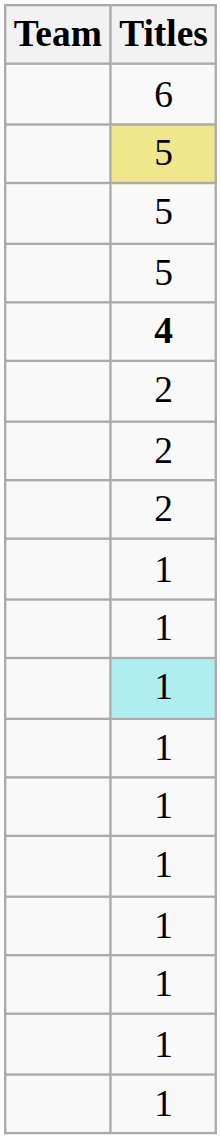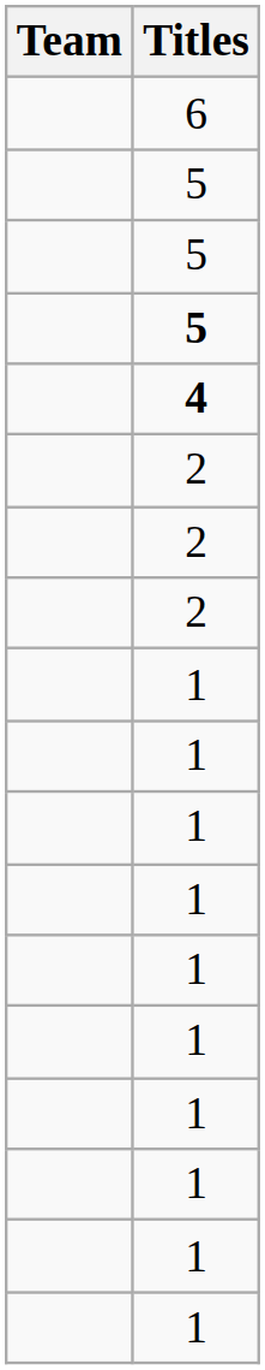 <table class="wikitable sortable" style="text-align:center">
 <tr>
 <th>Team</th>
 <th>Titles</th>
 </tr>
 <tr>
 <td style=><strong></strong></td>
 <td>6</td>
 </tr>
 <tr>
 <td style=><strong></strong></td>
-<td style="background: khaki;">5</td>
+<td>5</td>
 </tr>
 <tr>
 <td style=><strong></strong></td>
 <td>5</td>
 </tr>
 <tr>
 <td style=><strong></strong></td>
-<td>5</td>
+<td><strong>5</strong></td>
 </tr>
 <tr>
 <td style=><strong></strong></td>
 <td><strong>4</strong></td>
 </tr>
 <tr>
 <td style=><strong></strong></td>
 <td>2</td>
 </tr>
 <tr>
 <td style=><strong></strong></td>
 <td>2</td>
 </tr>
 <tr>
 <td style=><strong></strong></td>
 <td>2</td>
 </tr>
 <tr>
 <td style=><strong></strong></td>
 <td>1</td>
 </tr>
 <tr>
 <td style=><strong></strong></td>
 <td>1</td>
 </tr>
 <tr>
 <td style=><strong></strong></td>
-<td style="background: paleturquoise;">1</td>
+<td>1</td>
 </tr>
 <tr>
 <td style=><strong></strong></td>
 <td>1</td>
 </tr>
 <tr>
 <td style=><strong></strong></td>
 <td>1</td>
 </tr>
 <tr>
 <td style=><strong></strong></td>
 <td>1</td>
 </tr>
 <tr>
 <td style=><strong></strong></td>
 <td>1</td>
 </tr>
 <tr>
 <td style=><strong></strong></td>
 <td>1</td>
 </tr>
 <tr>
 <td style=><strong></strong></td>
 <td>1</td>
 </tr>
 <tr>
 <td style=><strong></strong></td>
 <td>1</td>
 </tr>
 </table>
